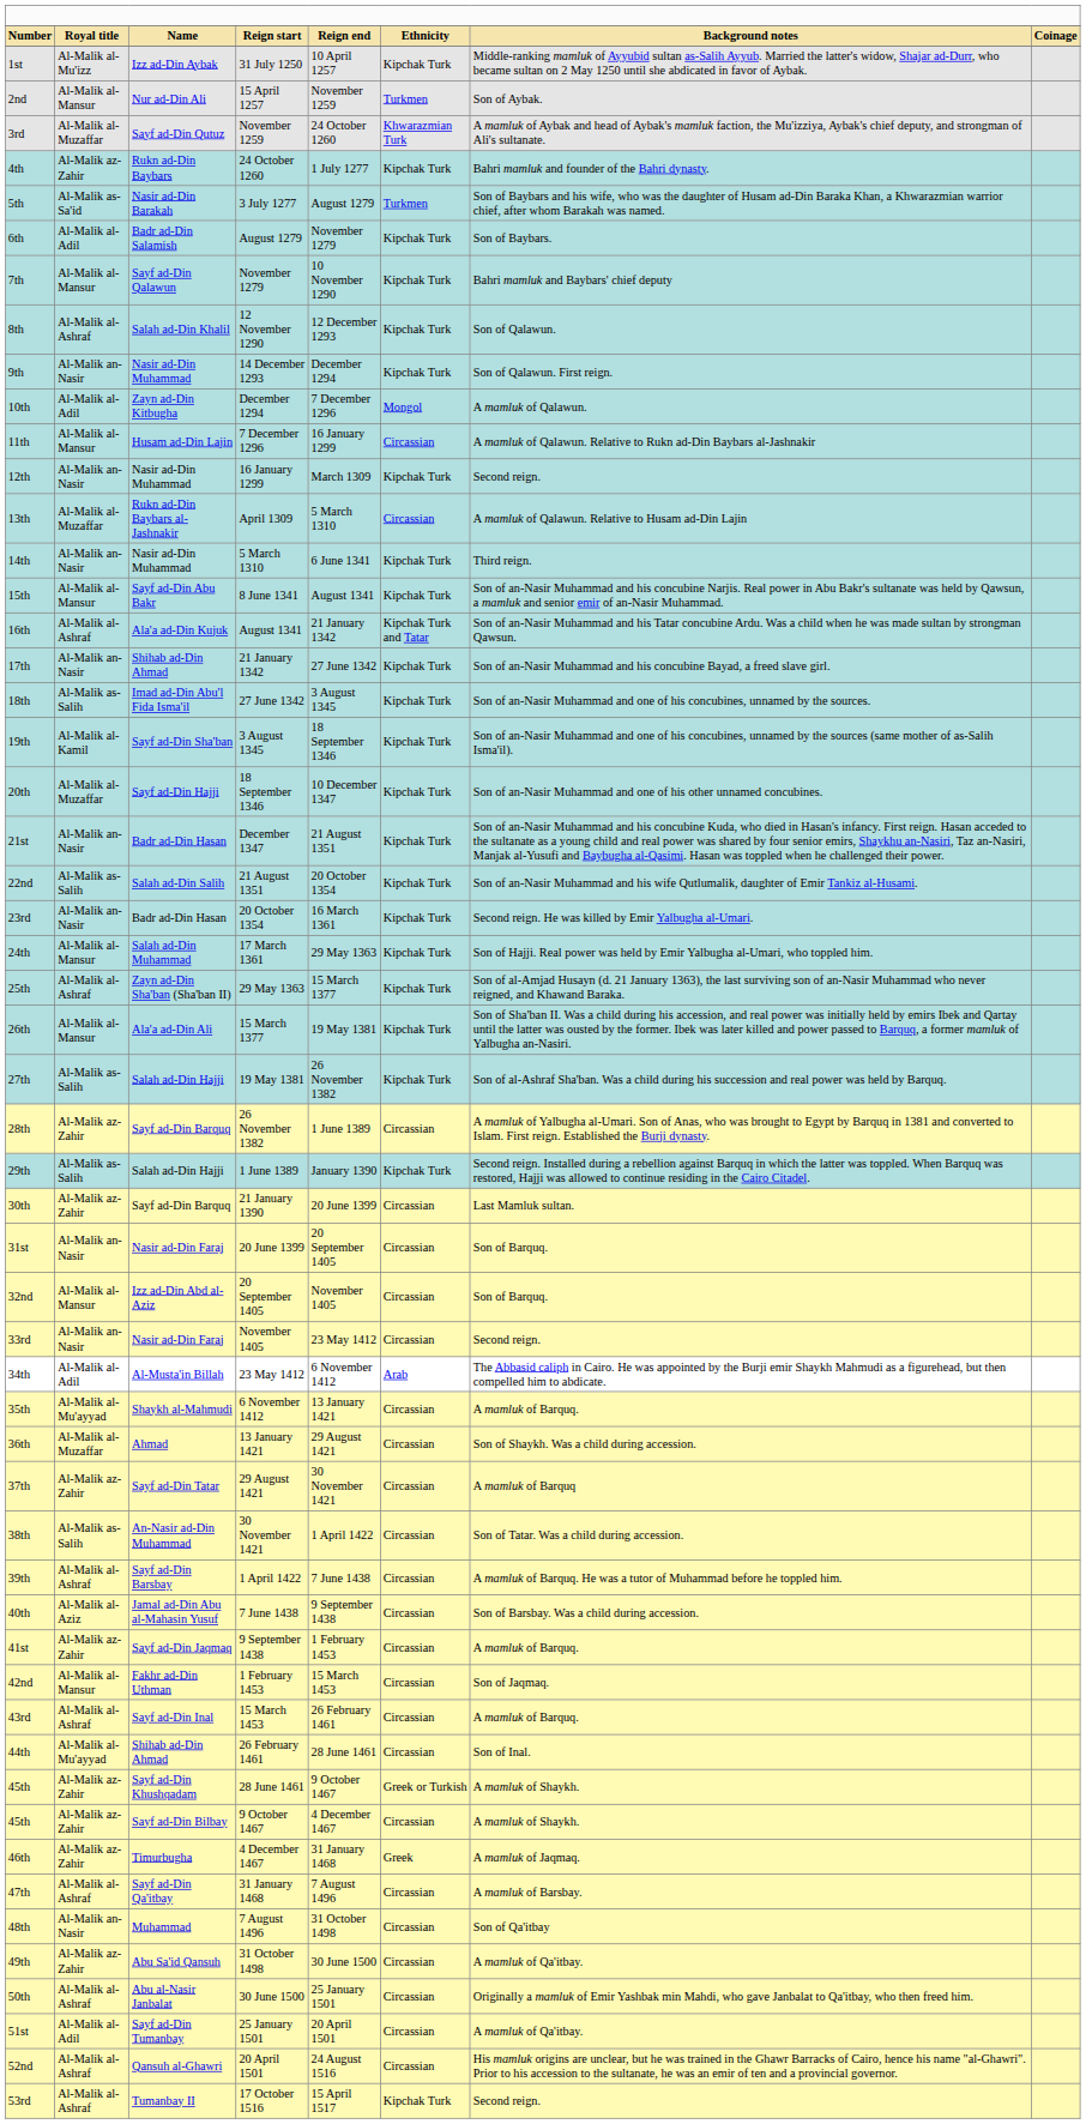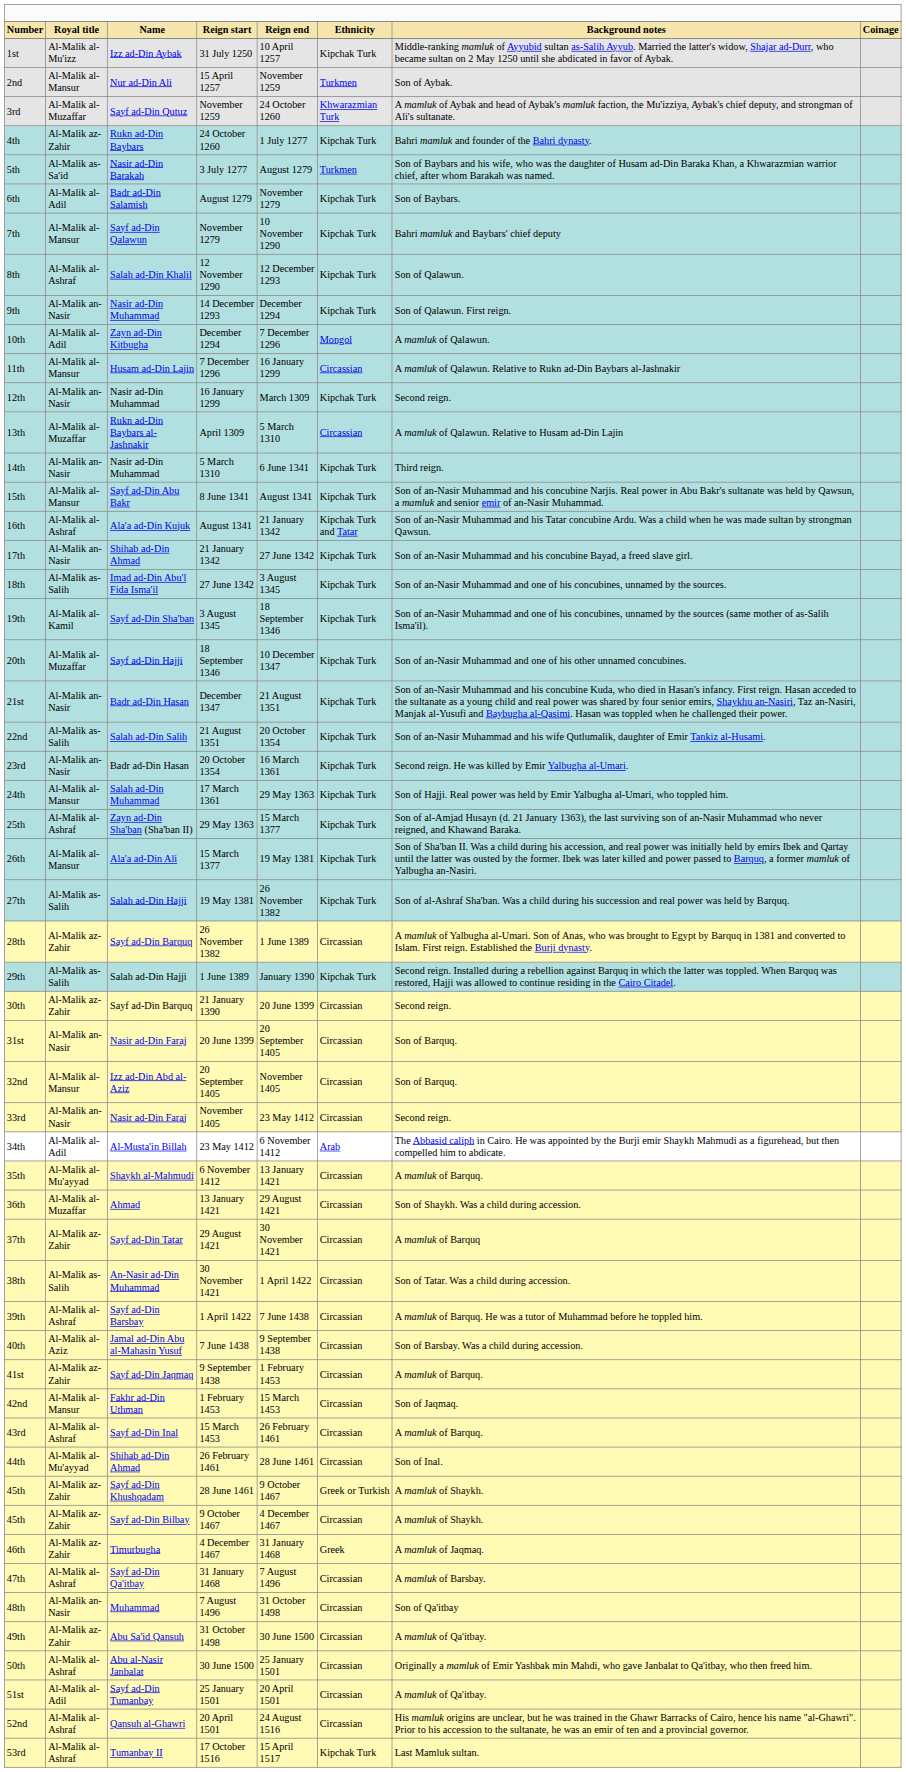 <table class="nowraplinks" cellspacing="0" cellpadding="3" rules="all" style="background:#fbfbfb; border-style: solid; border-width: 1px; font-size:90%; empty-cells:show; border-collapse:collapse">
 <tr>
 <th colspan="11"><br>  </th>
 </tr>
 <tr>
 </tr>
 <tr style="background:#f6e6ae;">
 <th>Number</th>
 <th>Royal title</th>
 <th>Name</th>
 <th>Reign start</th>
 <th>Reign end</th>
 <th>Ethnicity</th>
 <th>Background notes</th>
 <th>Coinage</th>
 </tr>
 <tr>
 </tr>
 <tr bgcolor="#e5e5e5">
 <td>1st</td>
 <td>Al-Malik al-Mu'izz</td>
 <td><a href='#'>Izz ad-Din Aybak</a></td>
 <td>31 July 1250</td>
 <td>10 April 1257</td>
 <td>Kipchak Turk</td>
 <td>Middle-ranking <em>mamluk</em> of <a href='#'>Ayyubid</a> sultan <a href='#'>as-Salih Ayyub</a>. Married the latter's widow, <a href='#'>Shajar ad-Durr</a>, who became sultan on 2 May 1250 until she abdicated in favor of Aybak.</td>
 <td></td>
 </tr>
 <tr bgcolor="#e5e5e5">
 <td>2nd</td>
 <td>Al-Malik al-Mansur</td>
 <td><a href='#'>Nur ad-Din Ali</a></td>
 <td>15 April 1257</td>
 <td>November 1259</td>
 <td><a href='#'>Turkmen</a></td>
 <td>Son of Aybak.</td>
 <td></td>
 </tr>
 <tr bgcolor="#e5e5e5">
 <td>3rd</td>
 <td>Al-Malik al-Muzaffar</td>
 <td><a href='#'>Sayf ad-Din Qutuz</a></td>
 <td>November 1259</td>
 <td>24 October 1260</td>
 <td><a href='#'>Khwarazmian Turk</a></td>
 <td>A <em>mamluk</em> of Aybak and head of Aybak's <em>mamluk</em> faction, the Mu'izziya, Aybak's chief deputy, and strongman of Ali's sultanate.</td>
 <td></td>
 </tr>
 <tr bgcolor="#b2dfdf">
 <td>4th</td>
 <td>Al-Malik az-Zahir</td>
 <td><a href='#'>Rukn ad-Din Baybars</a></td>
 <td>24 October 1260</td>
 <td>1 July 1277</td>
 <td>Kipchak Turk</td>
 <td>Bahri <em>mamluk</em> and founder of the <a href='#'>Bahri dynasty</a>.</td>
 <td></td>
 </tr>
 <tr bgcolor="#b2dfdf">
 <td>5th</td>
 <td>Al-Malik as-Sa'id</td>
 <td><a href='#'>Nasir ad-Din Barakah</a></td>
 <td>3 July 1277</td>
 <td>August 1279</td>
 <td><a href='#'>Turkmen</a></td>
 <td>Son of Baybars and his wife, who was the daughter of Husam ad-Din Baraka Khan, a Khwarazmian warrior chief, after whom Barakah was named.</td>
 <td></td>
 </tr>
 <tr bgcolor="#b2dfdf">
 <td>6th</td>
 <td>Al-Malik al-Adil</td>
 <td><a href='#'>Badr ad-Din Salamish</a></td>
 <td>August 1279</td>
 <td>November 1279</td>
 <td>Kipchak Turk</td>
 <td>Son of Baybars.</td>
 <td></td>
 </tr>
 <tr bgcolor="#b2dfdf">
 <td>7th</td>
 <td>Al-Malik al-Mansur</td>
 <td><a href='#'>Sayf ad-Din Qalawun</a></td>
 <td>November 1279</td>
 <td>10 November 1290</td>
 <td>Kipchak Turk</td>
 <td>Bahri <em>mamluk</em> and Baybars' chief deputy</td>
 <td></td>
 </tr>
 <tr bgcolor="#b2dfdf">
 <td>8th</td>
 <td>Al-Malik al-Ashraf</td>
 <td><a href='#'>Salah ad-Din Khalil</a></td>
 <td>12 November 1290</td>
 <td>12 December 1293</td>
 <td>Kipchak Turk</td>
 <td>Son of Qalawun.</td>
 <td></td>
 </tr>
 <tr bgcolor="#b2dfdf">
 <td>9th</td>
 <td>Al-Malik an-Nasir</td>
 <td><a href='#'>Nasir ad-Din Muhammad</a></td>
 <td>14 December 1293</td>
 <td>December 1294</td>
 <td>Kipchak Turk</td>
 <td>Son of Qalawun. First reign.</td>
 <td></td>
 </tr>
 <tr bgcolor="#b2dfdf">
 <td>10th</td>
 <td>Al-Malik al-Adil</td>
 <td><a href='#'>Zayn ad-Din Kitbugha</a></td>
 <td>December 1294</td>
 <td>7 December 1296</td>
 <td><a href='#'>Mongol</a></td>
 <td>A <em>mamluk</em> of Qalawun.</td>
 <td></td>
 </tr>
 <tr bgcolor="#b2dfdf">
 <td>11th</td>
 <td>Al-Malik al-Mansur</td>
 <td><a href='#'>Husam ad-Din Lajin</a></td>
 <td>7 December 1296</td>
 <td>16 January 1299</td>
 <td><a href='#'>Circassian</a></td>
 <td>A <em>mamluk</em> of Qalawun. Relative to  Rukn ad-Din Baybars al-Jashnakir</td>
 <td></td>
 </tr>
 <tr bgcolor="#b2dfdf">
 <td>12th</td>
 <td>Al-Malik an-Nasir</td>
 <td>Nasir ad-Din Muhammad</td>
 <td>16 January 1299</td>
 <td>March 1309</td>
 <td>Kipchak Turk</td>
 <td>Second reign.</td>
 <td></td>
 </tr>
 <tr bgcolor="#b2dfdf">
 <td>13th</td>
 <td>Al-Malik al-Muzaffar</td>
 <td><a href='#'>Rukn ad-Din Baybars al-Jashnakir</a></td>
 <td>April 1309</td>
 <td>5 March 1310</td>
 <td><a href='#'>Circassian</a></td>
 <td>A <em>mamluk</em> of Qalawun. Relative to  Husam ad-Din Lajin</td>
 <td></td>
 </tr>
 <tr bgcolor="#b2dfdf">
 <td>14th</td>
 <td>Al-Malik an-Nasir</td>
 <td>Nasir ad-Din Muhammad</td>
 <td>5 March 1310</td>
 <td>6 June 1341</td>
 <td>Kipchak Turk</td>
 <td>Third reign.</td>
 <td></td>
 </tr>
 <tr bgcolor="#b2dfdf">
 <td>15th</td>
 <td>Al-Malik al-Mansur</td>
 <td><a href='#'>Sayf ad-Din Abu Bakr</a></td>
 <td>8 June 1341</td>
 <td>August 1341</td>
 <td>Kipchak Turk</td>
 <td>Son of an-Nasir Muhammad and his concubine Narjis. Real power in Abu Bakr's sultanate was held by Qawsun, a <em>mamluk</em> and senior <a href='#'>emir</a> of an-Nasir Muhammad.</td>
 <td></td>
 </tr>
 <tr bgcolor="#b2dfdf">
 <td>16th</td>
 <td>Al-Malik al-Ashraf</td>
 <td><a href='#'>Ala'a ad-Din Kujuk</a></td>
 <td>August 1341</td>
 <td>21 January 1342</td>
 <td>Kipchak Turk and <a href='#'>Tatar</a></td>
 <td>Son of an-Nasir Muhammad and his Tatar concubine Ardu. Was a child when he was made sultan by strongman Qawsun.</td>
 <td></td>
 </tr>
 <tr bgcolor="#b2dfdf">
 <td>17th</td>
 <td>Al-Malik an-Nasir</td>
 <td><a href='#'>Shihab ad-Din Ahmad</a></td>
 <td>21 January 1342</td>
 <td>27 June 1342</td>
 <td>Kipchak Turk</td>
 <td>Son of an-Nasir Muhammad and his concubine Bayad, a freed slave girl.</td>
 <td></td>
 </tr>
 <tr bgcolor="#b2dfdf">
 <td>18th</td>
 <td>Al-Malik as-Salih</td>
 <td><a href='#'>Imad ad-Din Abu'l Fida Isma'il</a></td>
 <td>27 June 1342</td>
 <td>3 August 1345</td>
 <td>Kipchak Turk</td>
 <td>Son of an-Nasir Muhammad and one of his concubines, unnamed by the sources.</td>
 <td></td>
 </tr>
 <tr bgcolor="#b2dfdf">
 <td>19th</td>
 <td>Al-Malik al-Kamil</td>
 <td><a href='#'>Sayf ad-Din Sha'ban</a></td>
 <td>3 August 1345</td>
 <td>18 September 1346</td>
 <td>Kipchak Turk</td>
 <td>Son of an-Nasir Muhammad and one of his concubines, unnamed by the sources (same mother of as-Salih Isma'il).</td>
 <td></td>
 </tr>
 <tr bgcolor="#b2dfdf">
 <td>20th</td>
 <td>Al-Malik al-Muzaffar</td>
 <td><a href='#'>Sayf ad-Din Hajji</a></td>
 <td>18 September 1346</td>
 <td>10 December 1347</td>
 <td>Kipchak Turk</td>
 <td>Son of an-Nasir Muhammad and one of his other unnamed concubines.</td>
 <td></td>
 </tr>
 <tr bgcolor="#b2dfdf">
 <td>21st</td>
 <td>Al-Malik an-Nasir</td>
 <td><a href='#'>Badr ad-Din Hasan</a></td>
 <td>December 1347</td>
 <td>21 August 1351</td>
 <td>Kipchak Turk</td>
 <td>Son of an-Nasir Muhammad and his concubine Kuda, who died in Hasan's infancy. First reign. Hasan acceded to the sultanate as a young child and real power was shared by four senior emirs, <a href='#'>Shaykhu an-Nasiri</a>, Taz an-Nasiri, Manjak al-Yusufi and <a href='#'>Baybugha al-Qasimi</a>. Hasan was toppled when he challenged their power.</td>
 <td></td>
 </tr>
 <tr bgcolor="#b2dfdf">
 <td>22nd</td>
 <td>Al-Malik as-Salih</td>
 <td><a href='#'>Salah ad-Din Salih</a></td>
 <td>21 August 1351</td>
 <td>20 October 1354</td>
 <td>Kipchak Turk</td>
 <td>Son of an-Nasir Muhammad and his wife Qutlumalik, daughter of Emir <a href='#'>Tankiz al-Husami</a>.</td>
 <td></td>
 </tr>
 <tr bgcolor="#b2dfdf">
 <td>23rd</td>
 <td>Al-Malik an-Nasir</td>
 <td>Badr ad-Din Hasan</td>
 <td>20 October 1354</td>
 <td>16 March 1361</td>
 <td>Kipchak Turk</td>
 <td>Second reign. He was killed by Emir <a href='#'>Yalbugha al-Umari</a>.</td>
 <td></td>
 </tr>
 <tr bgcolor="#b2dfdf">
 <td>24th</td>
 <td>Al-Malik al-Mansur</td>
 <td><a href='#'>Salah ad-Din Muhammad</a></td>
 <td>17 March 1361</td>
 <td>29 May 1363</td>
 <td>Kipchak Turk</td>
 <td>Son of Hajji. Real power was held by Emir Yalbugha al-Umari, who toppled him.</td>
 <td></td>
 </tr>
 <tr bgcolor="#b2dfdf">
 <td>25th</td>
 <td>Al-Malik al-Ashraf</td>
 <td><a href='#'>Zayn ad-Din Sha'ban</a> (Sha'ban II)</td>
 <td>29 May 1363</td>
 <td>15 March 1377</td>
 <td>Kipchak Turk</td>
 <td>Son of al-Amjad Husayn (d. 21 January 1363), the last surviving son of an-Nasir Muhammad who never reigned, and Khawand Baraka.</td>
 <td></td>
 </tr>
 <tr bgcolor="#b2dfdf">
 <td>26th</td>
 <td>Al-Malik al-Mansur</td>
 <td><a href='#'>Ala'a ad-Din Ali</a></td>
 <td>15 March 1377</td>
 <td>19 May 1381</td>
 <td>Kipchak Turk</td>
 <td>Son of Sha'ban II. Was a child during his accession, and real power was initially held by emirs Ibek and Qartay until the latter was ousted by the former. Ibek was later killed and power passed to <a href='#'>Barquq</a>, a former <em>mamluk</em> of Yalbugha an-Nasiri.</td>
 <td></td>
 </tr>
 <tr bgcolor="#b2dfdf">
 <td>27th</td>
 <td>Al-Malik as-Salih</td>
 <td><a href='#'>Salah ad-Din Hajji</a></td>
 <td>19 May 1381</td>
 <td>26 November 1382</td>
 <td>Kipchak Turk</td>
 <td>Son of al-Ashraf Sha'ban. Was a child during his succession and real power was held by Barquq.</td>
 <td></td>
 </tr>
 <tr bgcolor="#fffab4">
 <td>28th</td>
 <td>Al-Malik az-Zahir</td>
 <td><a href='#'>Sayf ad-Din Barquq</a></td>
 <td>26 November 1382</td>
 <td>1 June 1389</td>
 <td>Circassian</td>
 <td>A <em>mamluk</em> of Yalbugha al-Umari. Son of Anas, who was brought to Egypt by Barquq in 1381 and converted to Islam. First reign. Established the <a href='#'>Burji dynasty</a>.</td>
 <td></td>
 </tr>
 <tr bgcolor="#b2dfdf">
 <td>29th</td>
 <td>Al-Malik as-Salih</td>
 <td>Salah ad-Din Hajji</td>
 <td>1 June 1389</td>
 <td>January 1390</td>
 <td>Kipchak Turk</td>
 <td>Second reign. Installed during a rebellion against Barquq in which the latter was toppled. When Barquq was restored, Hajji was allowed to continue residing in the <a href='#'>Cairo Citadel</a>.</td>
 <td></td>
 </tr>
 <tr bgcolor="#fffab4">
 <td>30th</td>
 <td>Al-Malik az-Zahir</td>
 <td>Sayf ad-Din Barquq</td>
 <td>21 January 1390</td>
 <td>20 June 1399</td>
 <td>Circassian</td>
-<td>Last Mamluk sultan.</td>
+<td>Second reign.</td>
 <td></td>
 </tr>
 <tr bgcolor="#fffab4">
 <td>31st</td>
 <td>Al-Malik an-Nasir</td>
 <td><a href='#'>Nasir ad-Din Faraj</a></td>
 <td>20 June 1399</td>
 <td>20 September 1405</td>
 <td>Circassian</td>
 <td>Son of Barquq.</td>
 <td></td>
 </tr>
 <tr bgcolor="#fffab4">
 <td>32nd</td>
 <td>Al-Malik al-Mansur</td>
 <td><a href='#'>Izz ad-Din Abd al-Aziz</a></td>
 <td>20 September 1405</td>
 <td>November 1405</td>
 <td>Circassian</td>
 <td>Son of Barquq.</td>
 <td></td>
 </tr>
 <tr bgcolor="#fffab4">
 <td>33rd</td>
 <td>Al-Malik an-Nasir</td>
 <td><a href='#'>Nasir ad-Din Faraj</a></td>
 <td>November 1405</td>
 <td>23 May 1412</td>
 <td>Circassian</td>
 <td>Second reign.</td>
 <td></td>
 </tr>
 <tr bgcolor="#ffffff">
 <td>34th</td>
 <td>Al-Malik al-Adil</td>
 <td><a href='#'>Al-Musta'in Billah</a></td>
 <td>23 May 1412</td>
 <td>6 November 1412</td>
 <td><a href='#'>Arab</a></td>
 <td>The <a href='#'>Abbasid caliph</a> in Cairo. He was appointed by the Burji emir Shaykh Mahmudi as a figurehead, but then compelled him to abdicate.</td>
 <td></td>
 </tr>
 <tr bgcolor="#fffab4">
 <td>35th</td>
 <td>Al-Malik al-Mu'ayyad</td>
 <td><a href='#'>Shaykh al-Mahmudi</a></td>
 <td>6 November 1412</td>
 <td>13 January 1421</td>
 <td>Circassian</td>
 <td>A <em>mamluk</em> of Barquq.</td>
 <td></td>
 </tr>
 <tr bgcolor="#fffab4">
 <td>36th</td>
 <td>Al-Malik al-Muzaffar</td>
 <td><a href='#'>Ahmad</a></td>
 <td>13 January 1421</td>
 <td>29 August 1421</td>
 <td>Circassian</td>
 <td>Son of Shaykh. Was a child during accession.</td>
 <td></td>
 </tr>
 <tr bgcolor="#fffab4">
 <td>37th</td>
 <td>Al-Malik az-Zahir</td>
 <td><a href='#'>Sayf ad-Din Tatar</a></td>
 <td>29 August 1421</td>
 <td>30 November 1421</td>
 <td>Circassian</td>
 <td>A <em>mamluk</em> of Barquq</td>
 <td></td>
 </tr>
 <tr bgcolor="#fffab4">
 <td>38th</td>
 <td>Al-Malik as-Salih</td>
 <td><a href='#'>An-Nasir ad-Din Muhammad</a></td>
 <td>30 November 1421</td>
 <td>1 April 1422</td>
 <td>Circassian</td>
 <td>Son of Tatar. Was a child during accession.</td>
 <td></td>
 </tr>
 <tr bgcolor="#fffab4">
 <td>39th</td>
 <td>Al-Malik al-Ashraf</td>
 <td><a href='#'>Sayf ad-Din Barsbay</a></td>
 <td>1 April 1422</td>
 <td>7 June 1438</td>
 <td>Circassian</td>
 <td>A <em>mamluk</em> of Barquq. He was a tutor of Muhammad before he toppled him.</td>
 <td></td>
 </tr>
 <tr bgcolor="#fffab4">
 <td>40th</td>
 <td>Al-Malik al-Aziz</td>
 <td><a href='#'>Jamal ad-Din Abu al-Mahasin Yusuf</a></td>
 <td>7 June 1438</td>
 <td>9 September 1438</td>
 <td>Circassian</td>
 <td>Son of Barsbay. Was a child during accession.</td>
 <td></td>
 </tr>
 <tr bgcolor="#fffab4">
 <td>41st</td>
 <td>Al-Malik az-Zahir</td>
 <td><a href='#'>Sayf ad-Din Jaqmaq</a></td>
 <td>9 September 1438</td>
 <td>1 February 1453</td>
 <td>Circassian</td>
 <td>A <em>mamluk</em> of Barquq.</td>
 <td></td>
 </tr>
 <tr bgcolor="#fffab4">
 <td>42nd</td>
 <td>Al-Malik al-Mansur</td>
 <td><a href='#'>Fakhr ad-Din Uthman</a></td>
 <td>1 February 1453</td>
 <td>15 March 1453</td>
 <td>Circassian</td>
 <td>Son of Jaqmaq.</td>
 <td></td>
 </tr>
 <tr bgcolor="#fffab4">
 <td>43rd</td>
 <td>Al-Malik al-Ashraf</td>
 <td><a href='#'>Sayf ad-Din Inal</a></td>
 <td>15 March 1453</td>
 <td>26 February 1461</td>
 <td>Circassian</td>
 <td>A <em>mamluk</em> of Barquq.</td>
 <td></td>
 </tr>
 <tr bgcolor="#fffab4">
 <td>44th</td>
 <td>Al-Malik al-Mu'ayyad</td>
 <td><a href='#'>Shihab ad-Din Ahmad</a></td>
 <td>26 February 1461</td>
 <td>28 June 1461</td>
 <td>Circassian</td>
 <td>Son of Inal.</td>
 <td></td>
 </tr>
 <tr bgcolor="#fffab4">
 <td>45th</td>
 <td>Al-Malik az-Zahir</td>
 <td><a href='#'>Sayf ad-Din Khushqadam</a></td>
 <td>28 June 1461</td>
 <td>9 October 1467</td>
 <td>Greek or Turkish</td>
 <td>A <em>mamluk</em> of Shaykh.</td>
 <td></td>
 </tr>
 <tr bgcolor="#fffab4">
 <td>45th</td>
 <td>Al-Malik az-Zahir</td>
 <td><a href='#'>Sayf ad-Din Bilbay</a></td>
 <td>9 October 1467</td>
 <td>4 December 1467</td>
 <td>Circassian</td>
 <td>A <em>mamluk</em> of Shaykh.</td>
 <td></td>
 </tr>
 <tr bgcolor="#fffab4">
 <td>46th</td>
 <td>Al-Malik az-Zahir</td>
 <td><a href='#'>Timurbugha</a></td>
 <td>4 December 1467</td>
 <td>31 January 1468</td>
 <td>Greek</td>
 <td>A <em>mamluk</em> of Jaqmaq.</td>
 <td></td>
 </tr>
 <tr bgcolor="#fffab4">
 <td>47th</td>
 <td>Al-Malik al-Ashraf</td>
 <td><a href='#'>Sayf ad-Din Qa'itbay</a></td>
 <td>31 January 1468</td>
 <td>7 August 1496</td>
 <td>Circassian</td>
 <td>A <em>mamluk</em> of Barsbay.</td>
 <td></td>
 </tr>
 <tr bgcolor="#fffab4">
 <td>48th</td>
 <td>Al-Malik an-Nasir</td>
 <td><a href='#'>Muhammad</a></td>
 <td>7 August 1496</td>
 <td>31 October 1498</td>
 <td>Circassian</td>
 <td>Son of Qa'itbay</td>
 <td></td>
 </tr>
 <tr bgcolor="#fffab4">
 <td>49th</td>
 <td>Al-Malik az-Zahir</td>
 <td><a href='#'>Abu Sa'id Qansuh</a></td>
 <td>31 October 1498</td>
 <td>30 June 1500</td>
 <td>Circassian</td>
 <td>A <em>mamluk</em> of Qa'itbay.</td>
 <td></td>
 </tr>
 <tr bgcolor="#fffab4">
 <td>50th</td>
 <td>Al-Malik al-Ashraf</td>
 <td><a href='#'>Abu al-Nasir Janbalat</a></td>
 <td>30 June 1500</td>
 <td>25 January 1501</td>
 <td>Circassian</td>
 <td>Originally a <em>mamluk</em> of Emir Yashbak min Mahdi, who gave Janbalat to Qa'itbay, who then freed him.</td>
 <td></td>
 </tr>
 <tr bgcolor="#fffab4">
 <td>51st</td>
 <td>Al-Malik al-Adil</td>
 <td><a href='#'>Sayf ad-Din Tumanbay</a></td>
 <td>25 January 1501</td>
 <td>20 April 1501</td>
 <td>Circassian</td>
 <td>A <em>mamluk</em> of Qa'itbay.</td>
 <td></td>
 </tr>
 <tr bgcolor="#fffab4">
 <td>52nd</td>
 <td>Al-Malik al-Ashraf</td>
 <td><a href='#'>Qansuh al-Ghawri</a></td>
 <td>20 April 1501</td>
 <td>24 August 1516</td>
 <td>Circassian</td>
 <td>His <em>mamluk</em> origins are unclear, but he was trained in the Ghawr Barracks of Cairo, hence his name "al-Ghawri". Prior to his accession to the sultanate, he was an emir of ten and a provincial governor.</td>
 <td></td>
 </tr>
 <tr bgcolor="#fffab4">
 <td>53rd</td>
 <td>Al-Malik al-Ashraf</td>
 <td><a href='#'>Tumanbay II</a></td>
 <td>17 October 1516</td>
 <td>15 April 1517</td>
 <td>Kipchak Turk</td>
-<td>Second reign.</td>
+<td>Last Mamluk sultan.</td>
 <td></td>
 </tr>
 </table>
